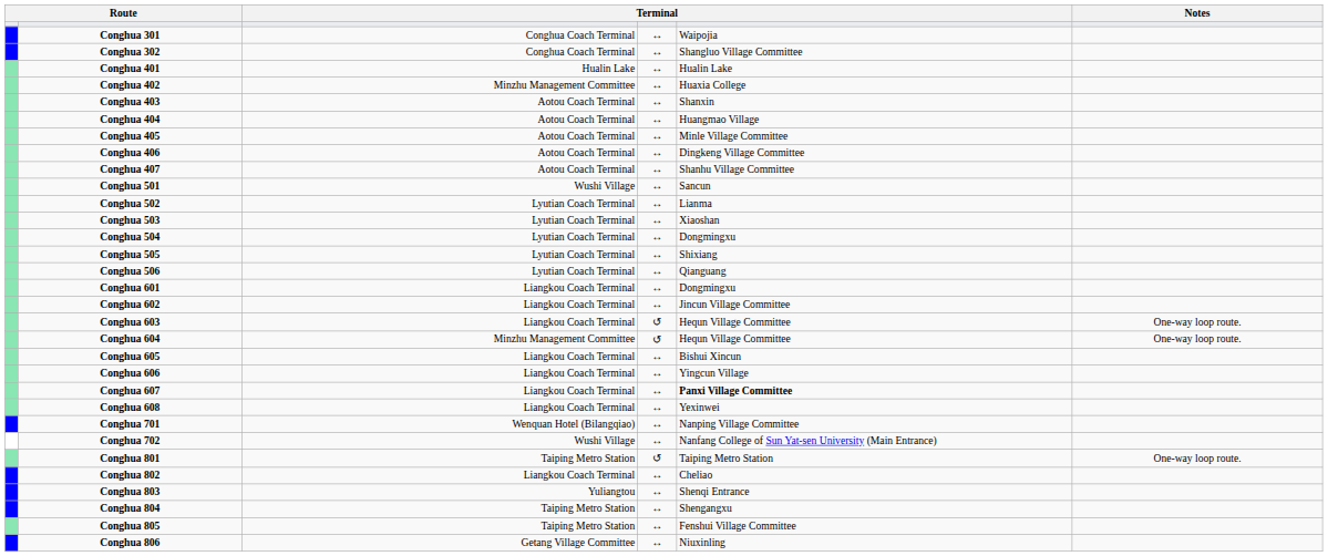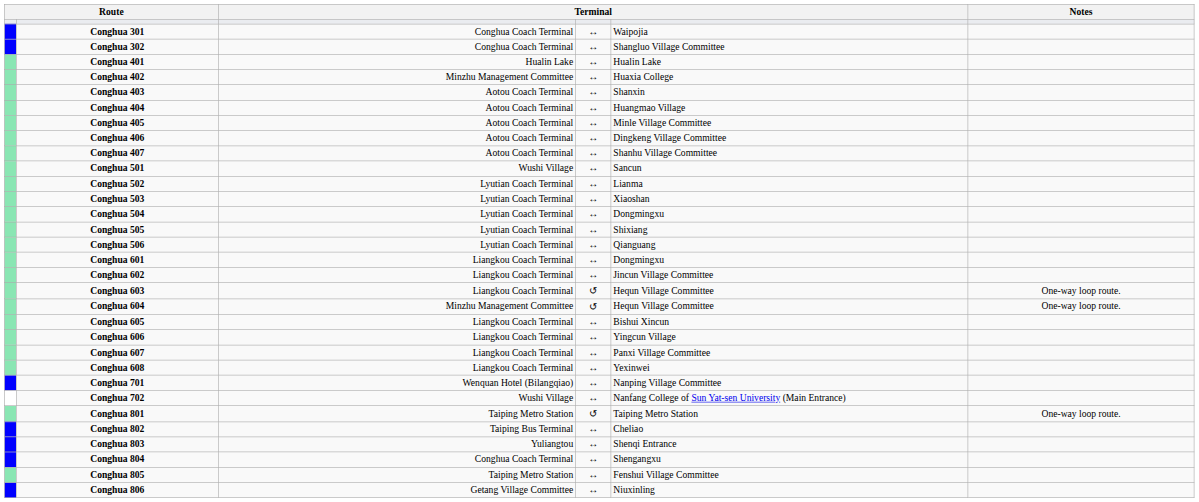 <table class="wikitable sortable" style="width:100%; text-align:center;">
 <tr>
 <th colspan="2" width="18%">Route</th>
 <th colspan="3">Terminal</th>
 <th width="19%">Notes</th>
 </tr>
 <tr style="background:#EAECF0" height=0>
 <td width="1%"></td>
 <td></td>
 <td width="30%"></td>
 <td></td>
 <td width="30%"></td>
 <td></td>
 </tr>
 <tr>
 <td style="background:blue"></td>
 <td><strong>Conghua 301</strong></td>
 <td align=right>Conghua Coach Terminal</td>
 <td>↔</td>
 <td align=left>Waipojia</td>
 <td></td>
 </tr>
 <tr>
 <td style="background:blue"></td>
 <td><strong>Conghua 302</strong></td>
 <td align=right>Conghua Coach Terminal</td>
 <td>↔</td>
 <td align=left>Shangluo Village Committee</td>
 <td></td>
 </tr>
 <tr>
 <td style="background:#8ae6b3"></td>
 <td><strong>Conghua 401</strong></td>
 <td align=right>Hualin Lake</td>
 <td>↔</td>
 <td align=left>Hualin Lake</td>
 <td></td>
 </tr>
 <tr>
 <td style="background:#8ae6b3"></td>
 <td><strong>Conghua 402</strong></td>
 <td align=right>Minzhu Management Committee</td>
 <td>↔</td>
 <td align=left>Huaxia College</td>
 <td></td>
 </tr>
 <tr>
 <td style="background:#8ae6b3"></td>
 <td><strong>Conghua 403</strong></td>
 <td align=right>Aotou Coach Terminal</td>
 <td>↔</td>
 <td align=left>Shanxin</td>
 <td></td>
 </tr>
 <tr>
 <td style="background:#8ae6b3"></td>
 <td><strong>Conghua 404</strong></td>
 <td align=right>Aotou Coach Terminal</td>
 <td>↔</td>
 <td align=left>Huangmao Village</td>
 <td></td>
 </tr>
 <tr>
 <td style="background:#8ae6b3"></td>
 <td><strong>Conghua 405</strong></td>
 <td align=right>Aotou Coach Terminal</td>
 <td>↔</td>
 <td align=left>Minle Village Committee</td>
 <td></td>
 </tr>
 <tr>
 <td style="background:#8ae6b3"></td>
 <td><strong>Conghua 406</strong></td>
 <td align=right>Aotou Coach Terminal</td>
 <td>↔</td>
 <td align=left>Dingkeng Village Committee</td>
 <td></td>
 </tr>
 <tr>
 <td style="background:#8ae6b3"></td>
 <td><strong>Conghua 407</strong></td>
 <td align=right>Aotou Coach Terminal</td>
 <td>↔</td>
 <td align=left>Shanhu Village Committee</td>
 <td></td>
 </tr>
 <tr>
 <td style="background:#8ae6b3"></td>
 <td><strong>Conghua 501</strong></td>
 <td align=right>Wushi Village</td>
 <td>↔</td>
 <td align=left>Sancun</td>
 <td></td>
 </tr>
 <tr>
 <td style="background:#8ae6b3"></td>
 <td><strong>Conghua 502</strong></td>
 <td align=right>Lyutian Coach Terminal</td>
 <td>↔</td>
 <td align=left>Lianma</td>
 <td></td>
 </tr>
 <tr>
 <td style="background:#8ae6b3"></td>
 <td><strong>Conghua 503</strong></td>
 <td align=right>Lyutian Coach Terminal</td>
 <td>↔</td>
 <td align=left>Xiaoshan</td>
 <td></td>
 </tr>
 <tr>
 <td style="background:#8ae6b3"></td>
 <td><strong>Conghua 504</strong></td>
 <td align=right>Lyutian Coach Terminal</td>
 <td>↔</td>
 <td align=left>Dongmingxu</td>
 <td></td>
 </tr>
 <tr>
 <td style="background:#8ae6b3"></td>
 <td><strong>Conghua 505</strong></td>
 <td align=right>Lyutian Coach Terminal</td>
 <td>↔</td>
 <td align=left>Shixiang</td>
 <td></td>
 </tr>
 <tr>
 <td style="background:#8ae6b3"></td>
 <td><strong>Conghua 506</strong></td>
 <td align=right>Lyutian Coach Terminal</td>
 <td>↔</td>
 <td align=left>Qianguang</td>
 <td></td>
 </tr>
 <tr>
 <td style="background:#8ae6b3"></td>
 <td><strong>Conghua 601</strong></td>
 <td align=right>Liangkou Coach Terminal</td>
 <td>↔</td>
 <td align=left>Dongmingxu</td>
 <td></td>
 </tr>
 <tr>
 <td style="background:#8ae6b3"></td>
 <td><strong>Conghua 602</strong></td>
 <td align=right>Liangkou Coach Terminal</td>
 <td>↔</td>
 <td align=left>Jincun Village Committee</td>
 <td></td>
 </tr>
 <tr>
 <td style="background:#8ae6b3"></td>
 <td><strong>Conghua 603</strong></td>
 <td align=right>Liangkou Coach Terminal</td>
 <td>↺</td>
 <td align=left>Hequn Village Committee</td>
 <td>One-way loop route.</td>
 </tr>
 <tr>
 <td style="background:#8ae6b3"></td>
 <td><strong>Conghua 604</strong></td>
 <td align=right>Minzhu Management Committee</td>
 <td>↺</td>
 <td align=left>Hequn Village Committee</td>
 <td>One-way loop route.</td>
 </tr>
 <tr>
 <td style="background:#8ae6b3"></td>
 <td><strong>Conghua 605</strong></td>
 <td align=right>Liangkou Coach Terminal</td>
 <td>↔</td>
 <td align=left>Bishui Xincun</td>
 <td></td>
 </tr>
 <tr>
 <td style="background:#8ae6b3"></td>
 <td><strong>Conghua 606</strong></td>
 <td align=right>Liangkou Coach Terminal</td>
 <td>↔</td>
 <td align=left>Yingcun Village</td>
 <td></td>
 </tr>
 <tr>
 <td style="background:#8ae6b3"></td>
 <td><strong>Conghua 607</strong></td>
 <td align=right>Liangkou Coach Terminal</td>
 <td>↔</td>
-<td align=left><strong>Panxi Village Committee</strong></td>
+<td align=left>Panxi Village Committee</td>
 <td></td>
 </tr>
 <tr>
 <td style="background:#8ae6b3"></td>
 <td><strong>Conghua 608</strong></td>
 <td align=right>Liangkou Coach Terminal</td>
 <td>↔</td>
 <td align=left>Yexinwei</td>
 <td></td>
 </tr>
 <tr>
 <td style="background:blue"></td>
 <td><strong>Conghua 701</strong></td>
 <td align=right>Wenquan Hotel (Bilangqiao)</td>
 <td>↔</td>
 <td align=left>Nanping Village Committee</td>
 <td></td>
 </tr>
 <tr>
 <td style="background:white"></td>
 <td><strong>Conghua 702</strong></td>
 <td align=right>Wushi Village</td>
 <td>↔</td>
 <td align=left>Nanfang College of <a href='#'>Sun Yat-sen University</a> (Main Entrance)</td>
 <td></td>
 </tr>
 <tr>
 <td style="background:#8ae6b3"></td>
 <td><strong>Conghua 801</strong></td>
 <td align=right>Taiping Metro Station</td>
 <td>↺</td>
 <td align=left>Taiping Metro Station</td>
 <td>One-way loop route.</td>
 </tr>
 <tr>
 <td style="background:blue"></td>
 <td><strong>Conghua 802</strong></td>
-<td align=right>Liangkou Coach Terminal</td>
+<td align=right>Taiping Bus Terminal</td>
 <td>↔</td>
 <td align=left>Cheliao</td>
 <td></td>
 </tr>
 <tr>
 <td style="background:blue"></td>
 <td><strong>Conghua 803</strong></td>
 <td align=right>Yuliangtou</td>
 <td>↔</td>
 <td align=left>Shenqi Entrance</td>
 <td></td>
 </tr>
 <tr>
 <td style="background:blue"></td>
 <td><strong>Conghua 804</strong></td>
-<td align=right>Taiping Metro Station</td>
+<td align=right>Conghua Coach Terminal</td>
 <td>↔</td>
 <td align=left>Shengangxu</td>
 <td></td>
 </tr>
 <tr>
 <td style="background:#8ae6b3"></td>
 <td><strong>Conghua 805</strong></td>
 <td align=right>Taiping Metro Station</td>
 <td>↔</td>
 <td align=left>Fenshui Village Committee</td>
 <td></td>
 </tr>
 <tr>
 <td style="background:blue"></td>
 <td><strong>Conghua 806</strong></td>
 <td align=right>Getang Village Committee</td>
 <td>↔</td>
 <td align=left>Niuxinling</td>
 <td></td>
 </tr>
 </table>
